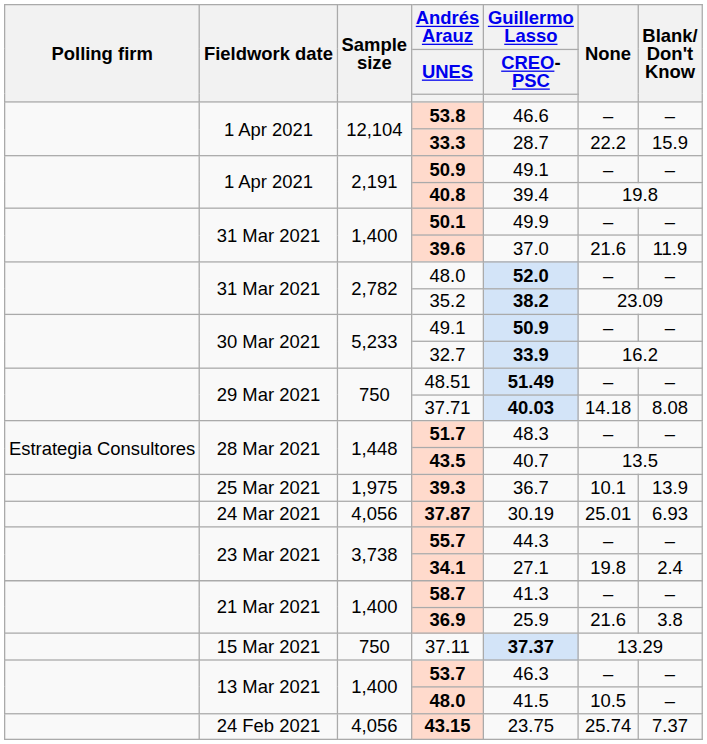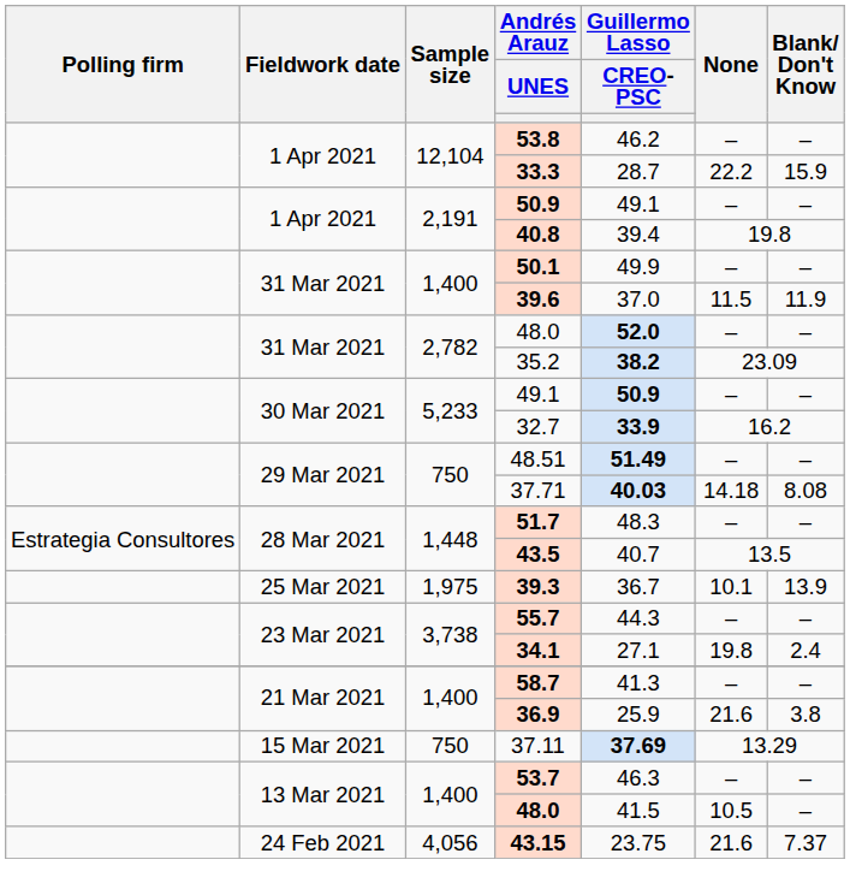 <table class="wikitable sortable mw-datatable" style="text-align:center;font-size:90%;line-height:14px;">
 <tr>
 <th rowspan="3">Polling firm</th>
 <th rowspan="3">Fieldwork date</th>
 <th rowspan="3">Sample<br>size</th>
 <th class="unsortable" style="width:40px;"><a href='#'>Andrés Arauz</a></th>
 <th class="unsortable" style="width:40px;"><a href='#'>Guillermo Lasso</a></th>
 <th rowspan="3" class="unsortable" style="width:40px;">None</th>
 <th rowspan="3" class="unsortable" style="width:40px;">Blank/<br>Don't Know</th>
 </tr>
 <tr>
 <th class="unsortable" style="width:40px;"><a href='#'>UNES</a></th>
 <th class="unsortable" style="width:40px;"><a href='#'>CREO</a>-<a href='#'>PSC</a></th>
 </tr>
 <tr>
 <th style="background:"></th>
 <th style="background:"></th>
 </tr>
 <tr>
 <td rowspan="2"></td>
 <td rowspan="2">1 Apr 2021</td>
 <td rowspan="2">12,104</td>
 <td style="background:#FFDACC;"><strong>53.8</strong></td>
-<td>46.6</td>
+<td>46.2</td>
 <td>–</td>
 <td>–</td>
 </tr>
 <tr>
 <td style="background:#FFDACC;"><strong>33.3</strong></td>
 <td>28.7</td>
 <td>22.2</td>
 <td>15.9</td>
 </tr>
 <tr>
 <td rowspan="2"></td>
 <td rowspan="2">1 Apr 2021</td>
 <td rowspan="2">2,191</td>
 <td style="background:#FFDACC;"><strong>50.9</strong></td>
 <td>49.1</td>
 <td>–</td>
 <td>–</td>
 </tr>
 <tr>
 <td style="background:#FFDACC;"><strong>40.8</strong></td>
 <td>39.4</td>
 <td colspan="2">19.8</td>
 </tr>
 <tr>
 <td rowspan="2"></td>
 <td rowspan="2">31 Mar 2021</td>
 <td rowspan="2">1,400</td>
 <td style="background:#FFDACC;"><strong>50.1</strong></td>
 <td>49.9</td>
 <td>–</td>
 <td>–</td>
 </tr>
 <tr>
 <td style="background:#FFDACC;"><strong>39.6</strong></td>
 <td>37.0</td>
-<td>21.6</td>
+<td>11.5</td>
 <td>11.9</td>
 </tr>
 <tr>
 <td rowspan="2"></td>
 <td rowspan="2">31 Mar 2021</td>
 <td rowspan="2">2,782</td>
 <td>48.0</td>
 <td style="background:#D3E4F8;"><strong>52.0</strong></td>
 <td>–</td>
 <td>–</td>
 </tr>
 <tr>
 <td>35.2</td>
 <td style="background:#D3E4F8;"><strong>38.2</strong></td>
 <td colspan="2">23.09</td>
 </tr>
 <tr>
 <td rowspan="2"></td>
 <td rowspan="2">30 Mar 2021</td>
 <td rowspan="2">5,233</td>
 <td>49.1</td>
 <td style="background:#D3E4F8;"><strong>50.9</strong></td>
 <td>–</td>
 <td>–</td>
 </tr>
 <tr>
 <td>32.7</td>
 <td style="background:#D3E4F8;"><strong>33.9</strong></td>
 <td colspan="2">16.2</td>
 </tr>
 <tr>
 <td rowspan="2"></td>
 <td rowspan="2">29 Mar 2021</td>
 <td rowspan="2">750</td>
 <td>48.51</td>
 <td style="background:#D3E4F8;"><strong>51.49</strong></td>
 <td>–</td>
 <td>–</td>
 </tr>
 <tr>
 <td>37.71</td>
 <td style="background:#D3E4F8;"><strong>40.03</strong></td>
 <td>14.18</td>
 <td>8.08</td>
 </tr>
 <tr>
 <td rowspan="2">Estrategia Consultores</td>
 <td rowspan="2">28 Mar 2021</td>
 <td rowspan="2">1,448</td>
 <td style="background:#FFDACC;"><strong>51.7</strong></td>
 <td>48.3</td>
 <td>–</td>
 <td>–</td>
 </tr>
 <tr>
 <td style="background:#FFDACC;"><strong>43.5</strong></td>
 <td>40.7</td>
 <td colspan="2">13.5</td>
 </tr>
 <tr>
 <td></td>
 <td>25 Mar 2021</td>
 <td>1,975</td>
 <td style="background:#FFDACC;"><strong>39.3</strong></td>
 <td>36.7</td>
 <td>10.1</td>
 <td>13.9</td>
 </tr>
 <tr>
-<td></td>
-<td>24 Mar 2021</td>
-<td>4,056</td>
-<td style="background:#FFDACC;"><strong>37.87</strong></td>
-<td>30.19</td>
-<td>25.01</td>
-<td>6.93</td>
-</tr>
-<tr>
 <td rowspan="2"></td>
 <td rowspan="2">23 Mar 2021</td>
 <td rowspan="2">3,738</td>
 <td style="background:#FFDACC;"><strong>55.7</strong></td>
 <td>44.3</td>
 <td>–</td>
 <td>–</td>
 </tr>
 <tr>
 <td style="background:#FFDACC;"><strong>34.1</strong></td>
 <td>27.1</td>
 <td>19.8</td>
 <td>2.4</td>
 </tr>
 <tr>
 </tr>
 <tr>
 <td rowspan="2"></td>
 <td rowspan="2">21 Mar 2021</td>
 <td rowspan="2">1,400</td>
 <td style="background:#FFDACC;"><strong>58.7</strong></td>
 <td>41.3</td>
 <td>–</td>
 <td>–</td>
 </tr>
 <tr>
 <td style="background:#FFDACC;"><strong>36.9</strong></td>
 <td>25.9</td>
 <td>21.6</td>
 <td>3.8</td>
 </tr>
 <tr>
 <td></td>
 <td>15 Mar 2021</td>
 <td>750</td>
 <td>37.11</td>
-<td style="background:#D3E4F8;"><strong>37.37</strong></td>
+<td style="background:#D3E4F8;"><strong>37.69</strong></td>
 <td colspan="2">13.29</td>
 </tr>
 <tr>
 <td rowspan="2"></td>
 <td rowspan="2">13 Mar 2021</td>
 <td rowspan="2">1,400</td>
 <td style="background:#FFDACC;"><strong>53.7</strong></td>
 <td>46.3</td>
 <td>–</td>
 <td>–</td>
 </tr>
 <tr>
 <td style="background:#FFDACC;"><strong>48.0</strong></td>
 <td>41.5</td>
 <td>10.5</td>
 <td>–</td>
 </tr>
 <tr>
 <td></td>
 <td>24 Feb 2021</td>
 <td>4,056</td>
 <td style="background:#FFDACC;"><strong>43.15</strong></td>
 <td>23.75</td>
-<td>25.74</td>
+<td>21.6</td>
 <td>7.37</td>
 </tr>
 </table>
